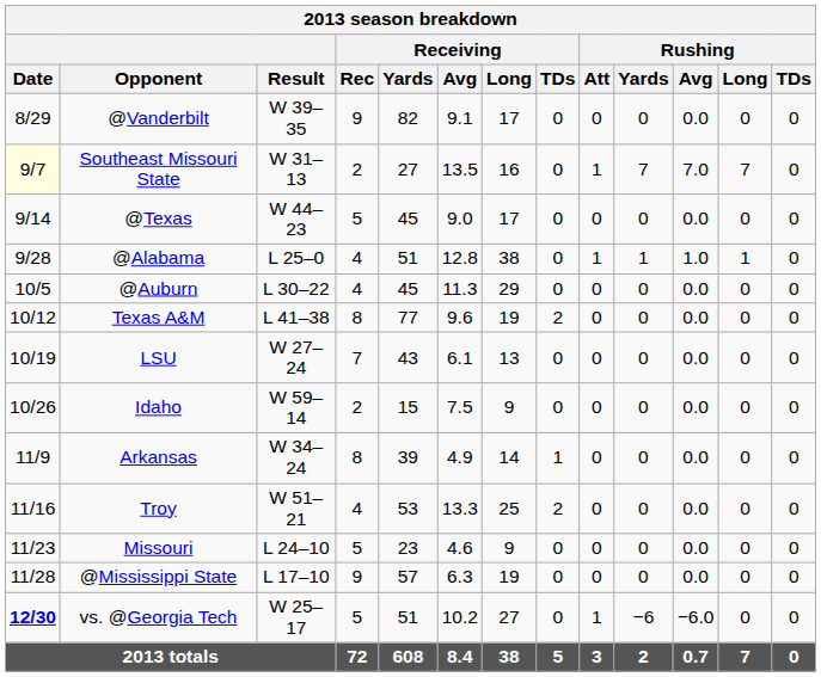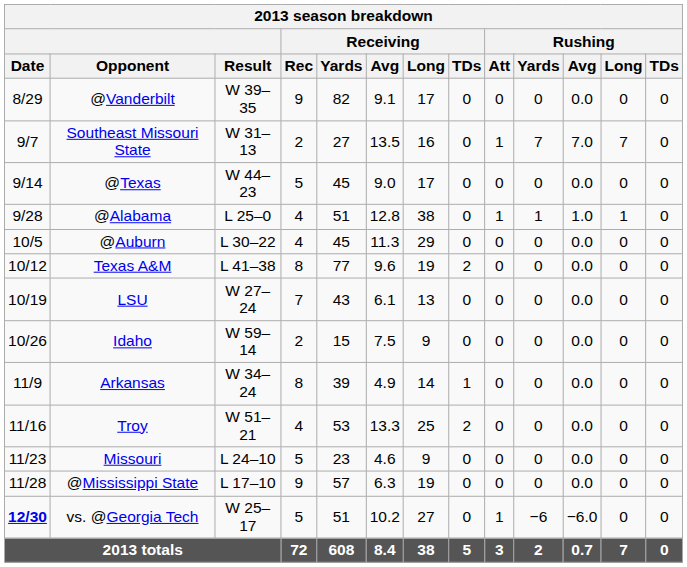 <table class="wikitable collapsible collapsed" style="text-align:center; width:700px">
 <tr>
 <th colspan=13>2013 season breakdown</th>
 </tr>
 <tr>
 <th colspan=3></th>
 <th colspan=5>Receiving</th>
 <th colspan=5>Rushing</th>
 </tr>
 <tr>
 <th>Date</th>
 <th>Opponent</th>
 <th>Result</th>
 <th>Rec</th>
 <th>Yards</th>
 <th>Avg</th>
 <th>Long</th>
 <th>TDs</th>
 <th>Att</th>
 <th>Yards</th>
 <th>Avg</th>
 <th>Long</th>
 <th>TDs</th>
 </tr>
 <tr>
 <td>8/29</td>
 <td>@<a href='#'>Vanderbilt</a></td>
 <td>W 39–35</td>
 <td>9</td>
 <td>82</td>
 <td>9.1</td>
 <td>17</td>
 <td>0</td>
 <td>0</td>
 <td>0</td>
 <td>0.0</td>
 <td>0</td>
 <td>0</td>
 </tr>
 <tr>
-<td style="background: lightyellow;">9/7</td>
+<td>9/7</td>
 <td><a href='#'>Southeast Missouri State</a></td>
 <td>W 31–13</td>
 <td>2</td>
 <td>27</td>
 <td>13.5</td>
 <td>16</td>
 <td>0</td>
 <td>1</td>
 <td>7</td>
 <td>7.0</td>
 <td>7</td>
 <td>0</td>
 </tr>
 <tr>
 <td>9/14</td>
 <td>@<a href='#'>Texas</a></td>
 <td>W 44–23</td>
 <td>5</td>
 <td>45</td>
 <td>9.0</td>
 <td>17</td>
 <td>0</td>
 <td>0</td>
 <td>0</td>
 <td>0.0</td>
 <td>0</td>
 <td>0</td>
 </tr>
 <tr>
 <td>9/28</td>
 <td>@<a href='#'>Alabama</a></td>
 <td>L 25–0</td>
 <td>4</td>
 <td>51</td>
 <td>12.8</td>
 <td>38</td>
 <td>0</td>
 <td>1</td>
 <td>1</td>
 <td>1.0</td>
 <td>1</td>
 <td>0</td>
 </tr>
 <tr>
 <td>10/5</td>
 <td>@<a href='#'>Auburn</a></td>
 <td>L 30–22</td>
 <td>4</td>
 <td>45</td>
 <td>11.3</td>
 <td>29</td>
 <td>0</td>
 <td>0</td>
 <td>0</td>
 <td>0.0</td>
 <td>0</td>
 <td>0</td>
 </tr>
 <tr>
 <td>10/12</td>
 <td><a href='#'>Texas A&M</a></td>
 <td>L 41–38</td>
 <td>8</td>
 <td>77</td>
 <td>9.6</td>
 <td>19</td>
 <td>2</td>
 <td>0</td>
 <td>0</td>
 <td>0.0</td>
 <td>0</td>
 <td>0</td>
 </tr>
 <tr>
 <td>10/19</td>
 <td><a href='#'>LSU</a></td>
 <td>W 27–24</td>
 <td>7</td>
 <td>43</td>
 <td>6.1</td>
 <td>13</td>
 <td>0</td>
 <td>0</td>
 <td>0</td>
 <td>0.0</td>
 <td>0</td>
 <td>0</td>
 </tr>
 <tr>
 <td>10/26</td>
 <td><a href='#'>Idaho</a></td>
 <td>W 59–14</td>
 <td>2</td>
 <td>15</td>
 <td>7.5</td>
 <td>9</td>
 <td>0</td>
 <td>0</td>
 <td>0</td>
 <td>0.0</td>
 <td>0</td>
 <td>0</td>
 </tr>
 <tr>
 <td>11/9</td>
 <td><a href='#'>Arkansas</a></td>
 <td>W 34–24</td>
 <td>8</td>
 <td>39</td>
 <td>4.9</td>
 <td>14</td>
 <td>1</td>
 <td>0</td>
 <td>0</td>
 <td>0.0</td>
 <td>0</td>
 <td>0</td>
 </tr>
 <tr>
 <td>11/16</td>
 <td><a href='#'>Troy</a></td>
 <td>W 51–21</td>
 <td>4</td>
 <td>53</td>
 <td>13.3</td>
 <td>25</td>
 <td>2</td>
 <td>0</td>
 <td>0</td>
 <td>0.0</td>
 <td>0</td>
 <td>0</td>
 </tr>
 <tr>
 <td>11/23</td>
 <td><a href='#'>Missouri</a></td>
 <td>L 24–10</td>
 <td>5</td>
 <td>23</td>
 <td>4.6</td>
 <td>9</td>
 <td>0</td>
 <td>0</td>
 <td>0</td>
 <td>0.0</td>
 <td>0</td>
 <td>0</td>
 </tr>
 <tr>
 <td>11/28</td>
 <td>@<a href='#'>Mississippi State</a></td>
 <td>L 17–10</td>
 <td>9</td>
 <td>57</td>
 <td>6.3</td>
 <td>19</td>
 <td>0</td>
 <td>0</td>
 <td>0</td>
 <td>0.0</td>
 <td>0</td>
 <td>0</td>
 </tr>
 <tr>
 <td><strong><a href='#'>12/30</a></strong></td>
 <td>vs. @<a href='#'>Georgia Tech</a></td>
 <td>W 25–17</td>
 <td>5</td>
 <td>51</td>
 <td>10.2</td>
 <td>27</td>
 <td>0</td>
 <td>1</td>
 <td>−6</td>
 <td>−6.0</td>
 <td>0</td>
 <td>0</td>
 </tr>
 <tr style="background:#555; font-weight:bold; color:white;">
 <td colspan=3>2013 totals</td>
 <td>72</td>
 <td>608</td>
 <td>8.4</td>
 <td>38</td>
 <td>5</td>
 <td>3</td>
 <td>2</td>
 <td>0.7</td>
 <td>7</td>
 <td>0</td>
 </tr>
 </table>
